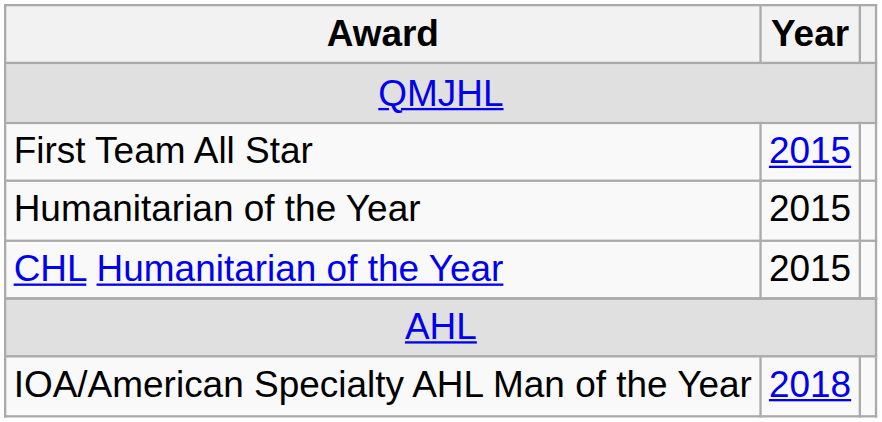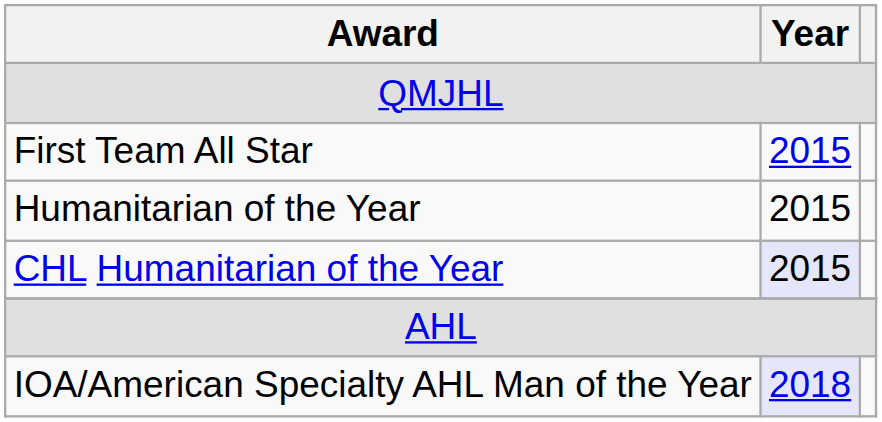 <table class="wikitable">
 <tr>
 <th>Award</th>
 <th>Year</th>
 <th></th>
 </tr>
 <tr ALIGN="center" bgcolor="#e0e0e0">
 <td colspan="3"><a href='#'>QMJHL</a></td>
 </tr>
 <tr>
 <td>First Team All Star</td>
 <td><a href='#'>2015</a></td>
 <td></td>
 </tr>
 <tr>
 <td>Humanitarian of the Year</td>
 <td>2015</td>
 <td></td>
 </tr>
 <tr>
 <td><a href='#'>CHL</a> <a href='#'>Humanitarian of the Year</a></td>
-<td>2015</td>
+<td style="background: lavender;">2015</td>
 <td></td>
 </tr>
 <tr>
 </tr>
 <tr ALIGN="center" bgcolor="#e0e0e0">
 <td colspan="3"><a href='#'>AHL</a></td>
 </tr>
 <tr>
 <td>IOA/American Specialty AHL Man of the Year</td>
-<td><a href='#'>2018</a></td>
+<td style="background: lavender;"><a href='#'>2018</a></td>
 <td></td>
 </tr>
 </table>
